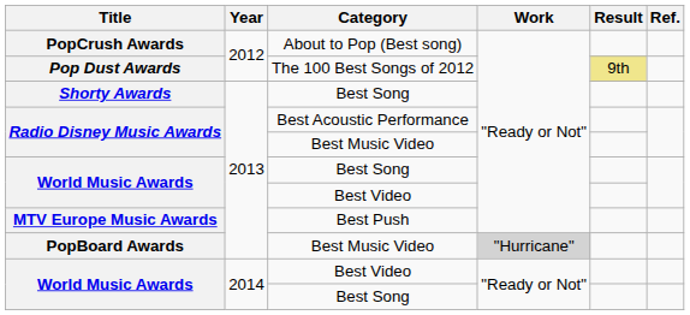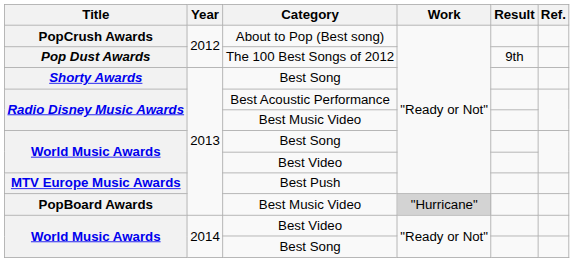 <table class="wikitable plainrowheaders" style="text-align:center;">
 <tr>
 <th scope="col">Title</th>
 <th scope="col">Year</th>
 <th scope="col">Category</th>
 <th scope="col">Work</th>
 <th scope="col">Result</th>
 <th scope="col">Ref.</th>
 </tr>
 <tr>
 <th scope="row">PopCrush Awards</th>
 <td rowspan="2">2012</td>
 <td>About to Pop (Best song)</td>
 <td rowspan="8">"Ready or Not"</td>
 <td></td>
 <td></td>
 </tr>
 <tr>
 <th scope="row"><em>Pop Dust Awards</em></th>
 <td>The 100 Best Songs of 2012</td>
-<td style="background: khaki;">9th</td>
+<td>9th</td>
 <td></td>
 </tr>
 <tr>
 <th scope="row"><em><a href='#'>Shorty Awards</a></em></th>
 <td rowspan="7">2013</td>
 <td>Best Song</td>
 <td></td>
 <td></td>
 </tr>
 <tr>
 <th scope="row" rowspan=2><em><a href='#'>Radio Disney Music Awards</a></em></th>
 <td>Best Acoustic Performance</td>
 <td></td>
 <td rowspan="2"></td>
 </tr>
 <tr>
 <td>Best Music Video</td>
 <td></td>
 </tr>
 <tr>
 <th scope="row" rowspan=2><a href='#'>World Music Awards</a></th>
 <td>Best Song</td>
 <td></td>
 <td rowspan="2"></td>
 </tr>
 <tr>
 <td>Best Video</td>
 <td></td>
 </tr>
 <tr>
 <th scope="row"><a href='#'>MTV Europe Music Awards</a></th>
 <td>Best Push</td>
 <td></td>
 <td></td>
 </tr>
 <tr>
 <th scope="row">PopBoard Awards</th>
 <td>Best Music Video</td>
 <td style="background: lightgrey;">"Hurricane"</td>
 <td></td>
 <td></td>
 </tr>
 <tr>
 <th scope="row" rowspan=2><a href='#'>World Music Awards</a></th>
 <td rowspan="2">2014</td>
 <td>Best Video</td>
 <td rowspan="2">"Ready or Not"</td>
 <td></td>
 <td></td>
 </tr>
 <tr>
 <td>Best Song</td>
 <td></td>
 <td></td>
 </tr>
 </table>
